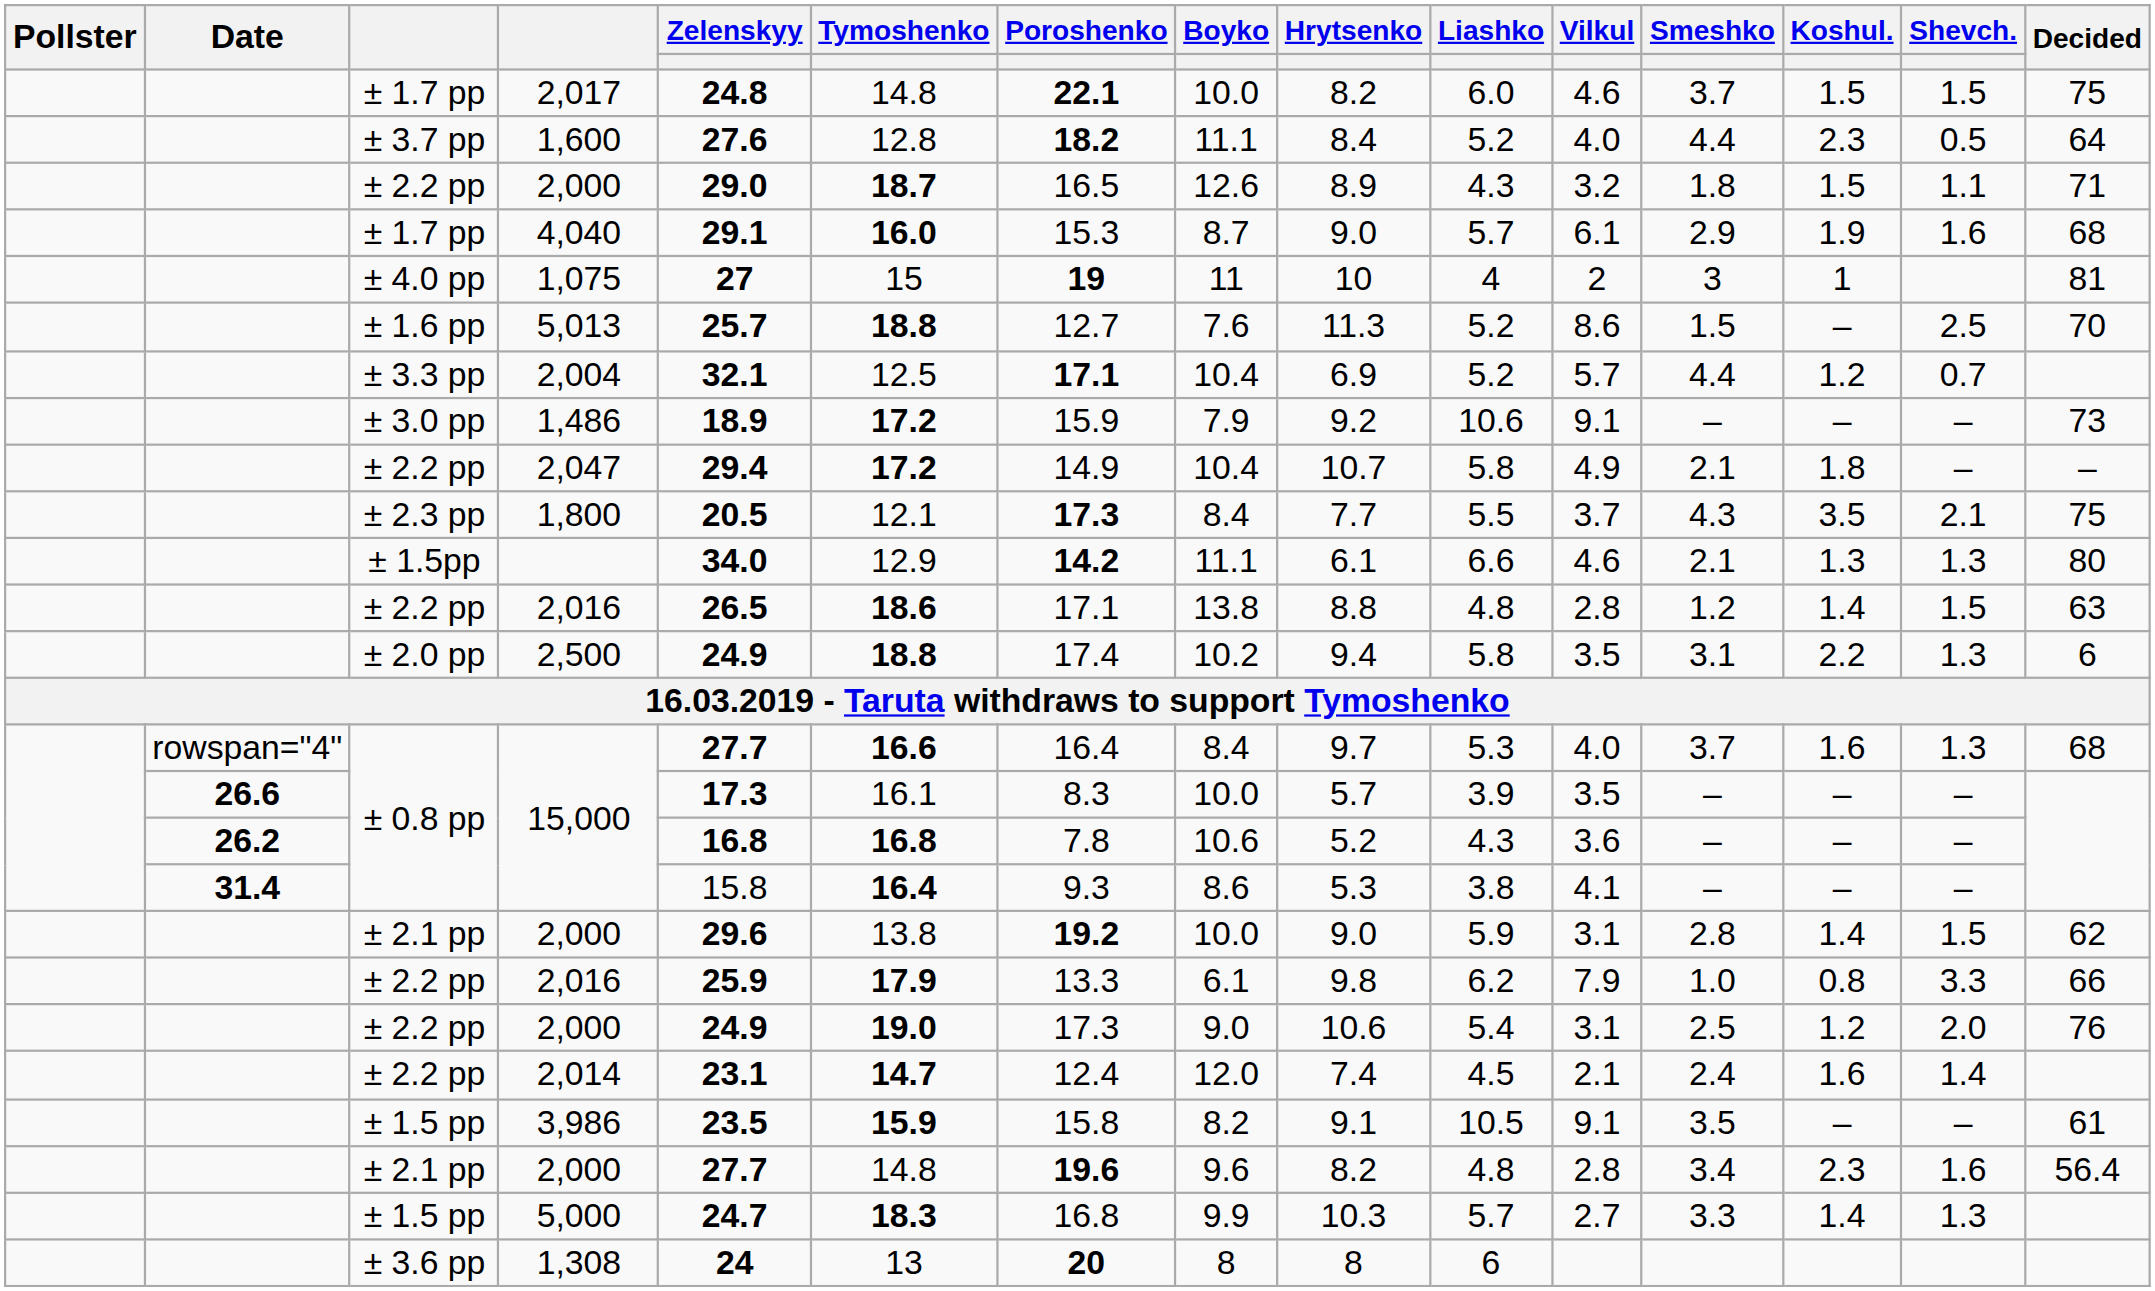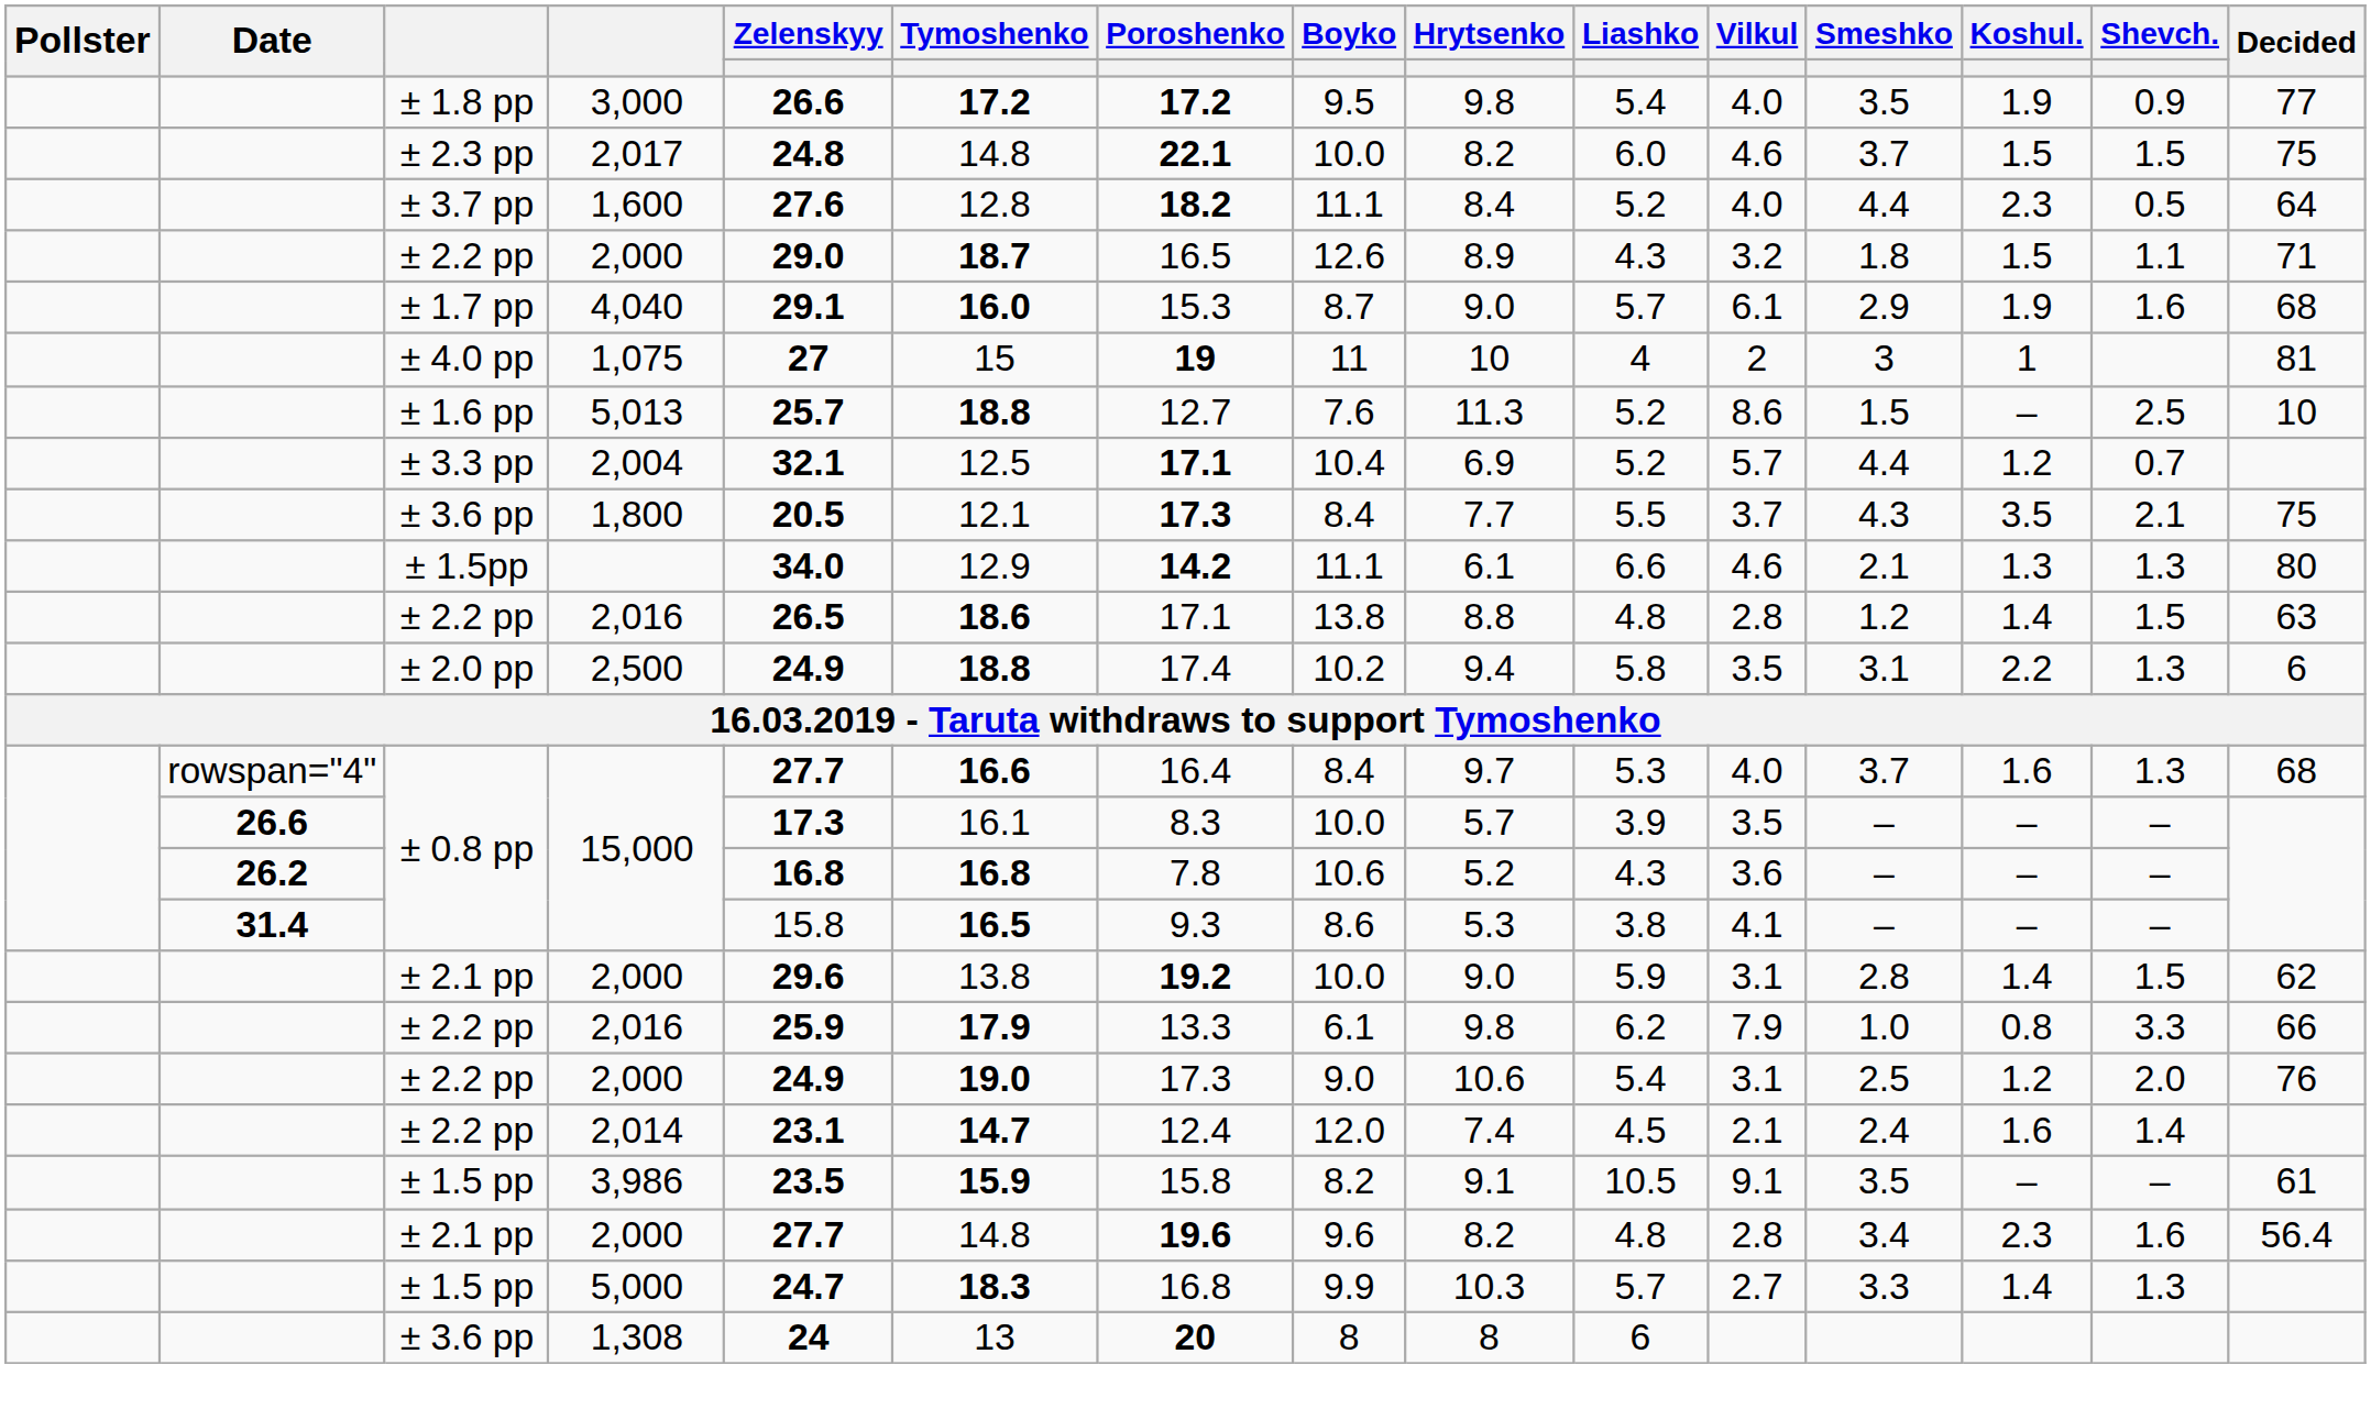 <table class="wikitable" style="text-align:center;font-size:95%;line-height:14px;">
 <tr>
 <th rowspan="2">Pollster</th>
 <th rowspan="2">Date</th>
 <th rowspan="2" style="width:60px;" class="unsortable"></th>
 <th rowspan="2" style="width:65px;" class="unsortable"></th>
 <th><small><a href='#'>Zelenskyy</a></small><br></th>
 <th><small><a href='#'>Tymoshenko</a></small><br></th>
 <th> <small><a href='#'>Poroshenko</a></small><br></th>
 <th> <small><a href='#'>Boyko</a></small><br></th>
 <th><small><a href='#'>Hrytsenko</a></small><br></th>
 <th><small><a href='#'>Liashko</a></small><br></th>
 <th><small><a href='#'>Vilkul</a></small><br></th>
 <th><small><a href='#'>Smeshko</a></small><br></th>
 <th><small><a href='#'>Koshul.</a></small><br></th>
 <th><small><a href='#'>Shevch.</a></small><br></th>
 <th rowspan="2"><small>Decided</small></th>
 </tr>
 <tr>
 <th style="background:"></th>
 <th style="background:"></th>
 <th style="background:"></th>
 <th style="background:"></th>
 <th style="background:"></th>
 <th style="background:"></th>
 <th style="background:"></th>
 <th style="background:"></th>
 <th style="background:"></th>
 <th style="background:"></th>
 </tr>
 <tr>
 <td></td>
 <td></td>
-<td>± 1.7 pp</td>
+<td>± 1.8 pp</td>
+<td>3,000</td>
+<td style="background-color:#"><strong>26.6</strong></td>
+<td style="background-color:#"><strong>17.2</strong></td>
+<td style="background-color:#"><strong>17.2</strong></td>
+<td>9.5</td>
+<td>9.8</td>
+<td>5.4</td>
+<td>4.0</td>
+<td>3.5</td>
+<td>1.9</td>
+<td>0.9</td>
+<td>77</td>
+</tr>
+<tr>
+<td></td>
+<td></td>
+<td>± 2.3 pp</td>
 <td>2,017</td>
 <td style="background-color:#"><strong>24.8</strong></td>
 <td>14.8</td>
 <td style="background-color:#"><strong>22.1</strong></td>
 <td>10.0</td>
 <td>8.2</td>
 <td>6.0</td>
 <td>4.6</td>
 <td>3.7</td>
 <td>1.5</td>
 <td>1.5</td>
 <td>75</td>
 </tr>
 <tr>
 <td></td>
 <td></td>
 <td>± 3.7 pp</td>
 <td>1,600</td>
 <td style="background-color:#"><strong>27.6</strong></td>
 <td>12.8</td>
 <td style="background-color:#"><strong>18.2</strong></td>
 <td>11.1</td>
 <td>8.4</td>
 <td>5.2</td>
 <td>4.0</td>
 <td>4.4</td>
 <td>2.3</td>
 <td>0.5</td>
 <td>64</td>
 </tr>
 <tr>
 <td></td>
 <td></td>
 <td>± 2.2 pp</td>
 <td>2,000</td>
 <td style="background-color:#"><strong>29.0</strong></td>
 <td style="background-color:#"><strong>18.7</strong></td>
 <td>16.5</td>
 <td>12.6</td>
 <td>8.9</td>
 <td>4.3</td>
 <td>3.2</td>
 <td>1.8</td>
 <td>1.5</td>
 <td>1.1</td>
 <td>71</td>
 </tr>
 <tr>
 <td></td>
 <td></td>
 <td>± 1.7 pp</td>
 <td>4,040</td>
 <td style="background-color:#"><strong>29.1</strong></td>
 <td style="background-color:#"><strong>16.0</strong></td>
 <td>15.3</td>
 <td>8.7</td>
 <td>9.0</td>
 <td>5.7</td>
 <td>6.1</td>
 <td>2.9</td>
 <td>1.9</td>
 <td>1.6</td>
 <td>68</td>
 </tr>
 <tr>
 <td></td>
 <td></td>
 <td>± 4.0 pp</td>
 <td>1,075</td>
 <td style="background-color:#"><strong>27</strong></td>
 <td>15</td>
 <td style="background-color:#"><strong>19</strong></td>
 <td>11</td>
 <td>10</td>
 <td>4</td>
 <td>2</td>
 <td>3</td>
 <td>1</td>
 <td></td>
 <td>81</td>
 </tr>
 <tr>
 <td></td>
 <td></td>
 <td>± 1.6 pp</td>
 <td>5,013</td>
 <td style="background-color:#"><strong>25.7</strong></td>
 <td style="background-color:#"><strong>18.8</strong></td>
 <td>12.7</td>
 <td>7.6</td>
 <td>11.3</td>
 <td>5.2</td>
 <td>8.6</td>
 <td>1.5</td>
 <td>–</td>
 <td>2.5</td>
-<td>70</td>
+<td>10</td>
 </tr>
 <tr>
 <td></td>
 <td></td>
 <td>± 3.3 pp</td>
 <td>2,004</td>
 <td style="background-color:#"><strong>32.1</strong></td>
 <td>12.5</td>
 <td style="background-color:#"><strong>17.1</strong></td>
 <td>10.4</td>
 <td>6.9</td>
 <td>5.2</td>
 <td>5.7</td>
 <td>4.4</td>
 <td>1.2</td>
 <td>0.7</td>
 <td></td>
 </tr>
 <tr>
 <td> </td>
 <td></td>
-<td>± 3.0 pp</td>
-<td>1,486</td>
-<td style="background-color:#"><strong>18.9</strong></td>
-<td style="background-color:#"><strong>17.2</strong></td>
-<td>15.9</td>
-<td>7.9</td>
-<td>9.2</td>
-<td>10.6</td>
-<td>9.1</td>
-<td>–</td>
-<td>–</td>
-<td>–</td>
-<td>73</td>
-</tr>
-<tr>
-<td> </td>
-<td></td>
-<td>± 2.2 pp</td>
-<td>2,047</td>
-<td style="background-color:#"><strong>29.4</strong></td>
-<td style="background-color:#"><strong>17.2</strong></td>
-<td>14.9</td>
-<td>10.4</td>
-<td>10.7</td>
-<td>5.8</td>
-<td>4.9</td>
-<td>2.1</td>
-<td>1.8</td>
-<td>–</td>
-<td>–</td>
-</tr>
-<tr>
-<td> </td>
-<td></td>
-<td>± 2.3 pp</td>
+<td>± 3.6 pp</td>
 <td>1,800</td>
 <td style="background-color:#"><strong>20.5</strong></td>
 <td>12.1</td>
 <td style="background-color:#"><strong>17.3</strong></td>
 <td>8.4</td>
 <td>7.7</td>
 <td>5.5</td>
 <td>3.7</td>
 <td>4.3</td>
 <td>3.5</td>
 <td>2.1</td>
 <td>75</td>
 </tr>
 <tr>
 <td></td>
 <td></td>
 <td>± 1.5pp</td>
 <td></td>
 <td style="background-color:#"><strong>34.0</strong></td>
 <td>12.9</td>
 <td style="background-color:#"><strong>14.2</strong></td>
 <td>11.1</td>
 <td>6.1</td>
 <td>6.6</td>
 <td>4.6</td>
 <td>2.1</td>
 <td>1.3</td>
 <td>1.3</td>
 <td>80</td>
 </tr>
 <tr>
 <td></td>
 <td></td>
 <td>± 2.2 pp</td>
 <td>2,016</td>
 <td style="background-color:#"><strong>26.5</strong></td>
 <td style="background-color:#"><strong>18.6</strong></td>
 <td>17.1</td>
 <td>13.8</td>
 <td>8.8</td>
 <td>4.8</td>
 <td>2.8</td>
 <td>1.2</td>
 <td>1.4</td>
 <td>1.5</td>
 <td>63</td>
 </tr>
 <tr>
 <td></td>
 <td></td>
 <td>± 2.0 pp</td>
 <td>2,500</td>
 <td style="background-color:#"><strong>24.9</strong></td>
 <td style="background-color:#"><strong>18.8</strong></td>
 <td>17.4</td>
 <td>10.2</td>
 <td>9.4</td>
 <td>5.8</td>
 <td>3.5</td>
 <td>3.1</td>
 <td>2.2</td>
 <td>1.3</td>
 <td>6</td>
 </tr>
 <tr>
 <th colspan="15"><strong>16.03.2019 - <a href='#'>Taruta</a> withdraws to support <a href='#'>Tymoshenko</a></strong></th>
 </tr>
 <tr>
 <td rowspan="4"></td>
 <td>rowspan="4" </td>
 <td rowspan="4">± 0.8 pp</td>
 <td rowspan="4">15,000</td>
 <td style="background-color:#"><strong>27.7</strong></td>
 <td style="background-color:#"><strong>16.6</strong></td>
 <td>16.4</td>
 <td>8.4</td>
 <td>9.7</td>
 <td>5.3</td>
 <td>4.0</td>
 <td>3.7</td>
 <td>1.6</td>
 <td>1.3</td>
 <td>68</td>
 </tr>
 <tr>
 <td style="background-color:#"><strong>26.6</strong></td>
 <td style="background-color:#"><strong>17.3</strong></td>
 <td>16.1</td>
 <td>8.3</td>
 <td>10.0</td>
 <td>5.7</td>
 <td>3.9</td>
 <td>3.5</td>
 <td>–</td>
 <td>–</td>
 <td>–</td>
 </tr>
 <tr>
 <td style="background-color:#"><strong>26.2</strong></td>
 <td style="background-color:#"><strong>16.8</strong></td>
 <td style="background-color:#"><strong>16.8</strong></td>
 <td>7.8</td>
 <td>10.6</td>
 <td>5.2</td>
 <td>4.3</td>
 <td>3.6</td>
 <td>–</td>
 <td>–</td>
 <td>–</td>
 </tr>
 <tr>
 <td style="background-color:#"><strong>31.4</strong></td>
 <td>15.8</td>
-<td style="background-color:#"><strong>16.4</strong></td>
+<td style="background-color:#"><strong>16.5</strong></td>
 <td>9.3</td>
 <td>8.6</td>
 <td>5.3</td>
 <td>3.8</td>
 <td>4.1</td>
 <td>–</td>
 <td>–</td>
 <td>–</td>
 </tr>
 <tr>
 <td></td>
 <td></td>
 <td>± 2.1 pp</td>
 <td>2,000</td>
 <td style="background-color:#"><strong>29.6</strong></td>
 <td>13.8</td>
 <td style="background-color:#"><strong>19.2</strong></td>
 <td>10.0</td>
 <td>9.0</td>
 <td>5.9</td>
 <td>3.1</td>
 <td>2.8</td>
 <td>1.4</td>
 <td>1.5</td>
 <td>62</td>
 </tr>
 <tr>
 <td></td>
 <td></td>
 <td>± 2.2 pp</td>
 <td>2,016</td>
 <td style="background-color:#"><strong>25.9</strong></td>
 <td style="background-color:#"><strong>17.9</strong></td>
 <td>13.3</td>
 <td>6.1</td>
 <td>9.8</td>
 <td>6.2</td>
 <td>7.9</td>
 <td>1.0</td>
 <td>0.8</td>
 <td>3.3</td>
 <td>66</td>
 </tr>
 <tr>
 <td></td>
 <td></td>
 <td>± 2.2 pp</td>
 <td>2,000</td>
 <td style="background-color:#"><strong>24.9</strong></td>
 <td style="background-color:#"><strong>19.0</strong></td>
 <td>17.3</td>
 <td>9.0</td>
 <td>10.6</td>
 <td>5.4</td>
 <td>3.1</td>
 <td>2.5</td>
 <td>1.2</td>
 <td>2.0</td>
 <td>76</td>
 </tr>
 <tr>
 <td> </td>
 <td></td>
 <td>± 2.2 pp</td>
 <td>2,014</td>
 <td style="background-color:#"><strong>23.1</strong></td>
 <td style="background-color:#"><strong>14.7</strong></td>
 <td>12.4</td>
 <td>12.0</td>
 <td>7.4</td>
 <td>4.5</td>
 <td>2.1</td>
 <td>2.4</td>
 <td>1.6</td>
 <td>1.4</td>
 <td></td>
 </tr>
 <tr>
 <td> </td>
 <td></td>
 <td>± 1.5 pp</td>
 <td>3,986</td>
 <td style="background-color:#"><strong>23.5</strong></td>
 <td style="background-color:#"><strong>15.9</strong></td>
 <td>15.8</td>
 <td>8.2</td>
 <td>9.1</td>
 <td>10.5</td>
 <td>9.1</td>
 <td>3.5</td>
 <td>–</td>
 <td>–</td>
 <td>61</td>
 </tr>
 <tr>
 <td></td>
 <td></td>
 <td>± 2.1 pp</td>
 <td>2,000</td>
 <td style="background-color:#"><strong>27.7</strong></td>
 <td>14.8</td>
 <td style="background-color:#"><strong>19.6</strong></td>
 <td>9.6</td>
 <td>8.2</td>
 <td>4.8</td>
 <td>2.8</td>
 <td>3.4</td>
 <td>2.3</td>
 <td>1.6</td>
 <td>56.4</td>
 </tr>
 <tr>
 <td></td>
 <td></td>
 <td>± 1.5 pp</td>
 <td>5,000</td>
 <td style="background-color:#"><strong>24.7</strong></td>
 <td style="background-color:#"><strong>18.3</strong></td>
 <td>16.8</td>
 <td>9.9</td>
 <td>10.3</td>
 <td>5.7</td>
 <td>2.7</td>
 <td>3.3</td>
 <td>1.4</td>
 <td>1.3</td>
 </tr>
 <tr>
 <td></td>
 <td></td>
 <td>± 3.6 pp</td>
 <td>1,308</td>
 <td style="background-color:#"><strong>24</strong></td>
 <td>13</td>
 <td style="background-color:#"><strong>20</strong></td>
 <td>8</td>
 <td>8</td>
 <td>6</td>
 <td></td>
 <td></td>
 <td></td>
 <td></td>
 <td></td>
 </tr>
 </table>
